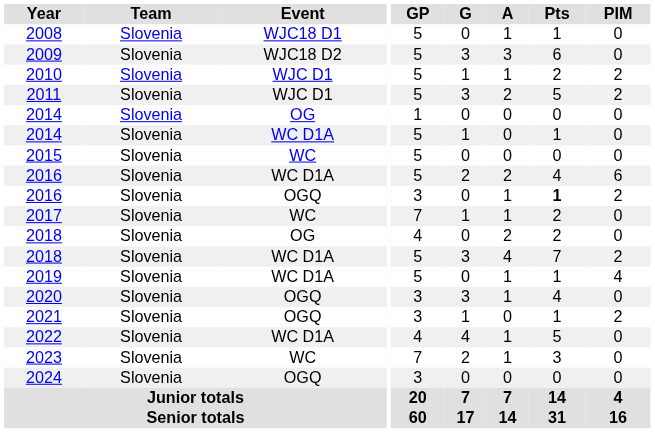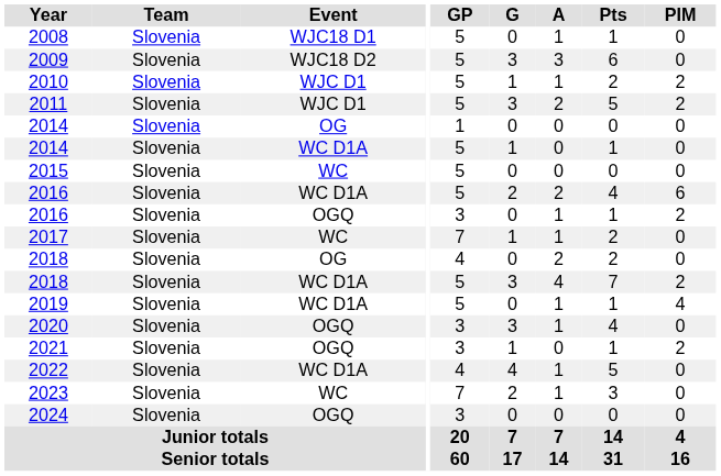 <table border="0" cellpadding="1" cellspacing="0" ID="Table3" style="text-align:center; width:40em">
 <tr ALIGN="center" bgcolor="#e0e0e0">
 <th>Year</th>
 <th>Team</th>
 <th>Event</th>
 <th rowspan="102" bgcolor="#ffffff"></th>
 <th>GP</th>
 <th>G</th>
 <th>A</th>
 <th>Pts</th>
 <th>PIM</th>
 </tr>
 <tr>
 <td><a href='#'>2008</a></td>
 <td><a href='#'>Slovenia</a></td>
 <td><a href='#'>WJC18 D1</a></td>
 <td>5</td>
 <td>0</td>
 <td>1</td>
 <td>1</td>
 <td>0</td>
 </tr>
 <tr bgcolor="#f0f0f0">
 <td><a href='#'>2009</a></td>
 <td>Slovenia</td>
 <td>WJC18 D2</td>
 <td>5</td>
 <td>3</td>
 <td>3</td>
 <td>6</td>
 <td>0</td>
 </tr>
 <tr>
 <td><a href='#'>2010</a></td>
 <td><a href='#'>Slovenia</a></td>
 <td><a href='#'>WJC D1</a></td>
 <td>5</td>
 <td>1</td>
 <td>1</td>
 <td>2</td>
 <td>2</td>
 </tr>
 <tr bgcolor="#f0f0f0">
 <td><a href='#'>2011</a></td>
 <td>Slovenia</td>
 <td>WJC D1</td>
 <td>5</td>
 <td>3</td>
 <td>2</td>
 <td>5</td>
 <td>2</td>
 </tr>
 <tr>
 <td><a href='#'>2014</a></td>
 <td><a href='#'>Slovenia</a></td>
 <td><a href='#'>OG</a></td>
 <td>1</td>
 <td>0</td>
 <td>0</td>
 <td>0</td>
 <td>0</td>
 </tr>
 <tr bgcolor="#f0f0f0">
 <td><a href='#'>2014</a></td>
 <td>Slovenia</td>
 <td><a href='#'>WC D1A</a></td>
 <td>5</td>
 <td>1</td>
 <td>0</td>
 <td>1</td>
 <td>0</td>
 </tr>
 <tr>
 <td><a href='#'>2015</a></td>
 <td>Slovenia</td>
 <td><a href='#'>WC</a></td>
 <td>5</td>
 <td>0</td>
 <td>0</td>
 <td>0</td>
 <td>0</td>
 </tr>
 <tr bgcolor="#f0f0f0">
 <td><a href='#'>2016</a></td>
 <td>Slovenia</td>
 <td>WC D1A</td>
 <td>5</td>
 <td>2</td>
 <td>2</td>
 <td>4</td>
 <td>6</td>
 </tr>
 <tr>
 <td><a href='#'>2016</a></td>
 <td>Slovenia</td>
 <td>OGQ</td>
 <td>3</td>
 <td>0</td>
 <td>1</td>
-<td><strong>1</strong></td>
+<td>1</td>
 <td>2</td>
 </tr>
 <tr bgcolor="#f0f0f0">
 <td><a href='#'>2017</a></td>
 <td>Slovenia</td>
 <td>WC</td>
 <td>7</td>
 <td>1</td>
 <td>1</td>
 <td>2</td>
 <td>0</td>
 </tr>
 <tr>
 <td><a href='#'>2018</a></td>
 <td>Slovenia</td>
 <td>OG</td>
 <td>4</td>
 <td>0</td>
 <td>2</td>
 <td>2</td>
 <td>0</td>
 </tr>
 <tr bgcolor="#f0f0f0">
 <td><a href='#'>2018</a></td>
 <td>Slovenia</td>
 <td>WC D1A</td>
 <td>5</td>
 <td>3</td>
 <td>4</td>
 <td>7</td>
 <td>2</td>
 </tr>
 <tr>
 <td><a href='#'>2019</a></td>
 <td>Slovenia</td>
 <td>WC D1A</td>
 <td>5</td>
 <td>0</td>
 <td>1</td>
 <td>1</td>
 <td>4</td>
 </tr>
 <tr bgcolor="#f0f0f0">
 <td><a href='#'>2020</a></td>
 <td>Slovenia</td>
 <td>OGQ</td>
 <td>3</td>
 <td>3</td>
 <td>1</td>
 <td>4</td>
 <td>0</td>
 </tr>
 <tr>
 <td><a href='#'>2021</a></td>
 <td>Slovenia</td>
 <td>OGQ</td>
 <td>3</td>
 <td>1</td>
 <td>0</td>
 <td>1</td>
 <td>2</td>
 </tr>
 <tr bgcolor="#f0f0f0">
 <td><a href='#'>2022</a></td>
 <td>Slovenia</td>
 <td>WC D1A</td>
 <td>4</td>
 <td>4</td>
 <td>1</td>
 <td>5</td>
 <td>0</td>
 </tr>
 <tr>
 <td><a href='#'>2023</a></td>
 <td>Slovenia</td>
 <td>WC</td>
 <td>7</td>
 <td>2</td>
 <td>1</td>
 <td>3</td>
 <td>0</td>
 </tr>
 <tr bgcolor="#f0f0f0">
 <td><a href='#'>2024</a></td>
 <td>Slovenia</td>
 <td>OGQ</td>
 <td>3</td>
 <td>0</td>
 <td>0</td>
 <td>0</td>
 <td>0</td>
 </tr>
 <tr bgcolor="#e0e0e0">
 <th colspan=3>Junior totals</th>
 <th>20</th>
 <th>7</th>
 <th>7</th>
 <th>14</th>
 <th>4</th>
 </tr>
 <tr bgcolor="#e0e0e0">
 <th colspan=3>Senior totals</th>
 <th>60</th>
 <th>17</th>
 <th>14</th>
 <th>31</th>
 <th>16</th>
 </tr>
 </table>
